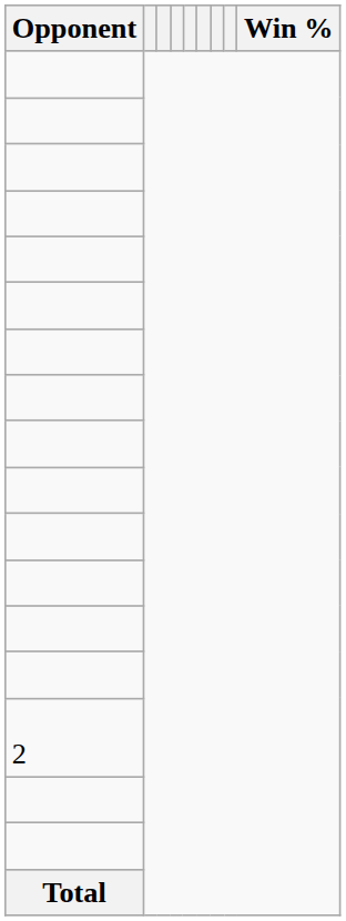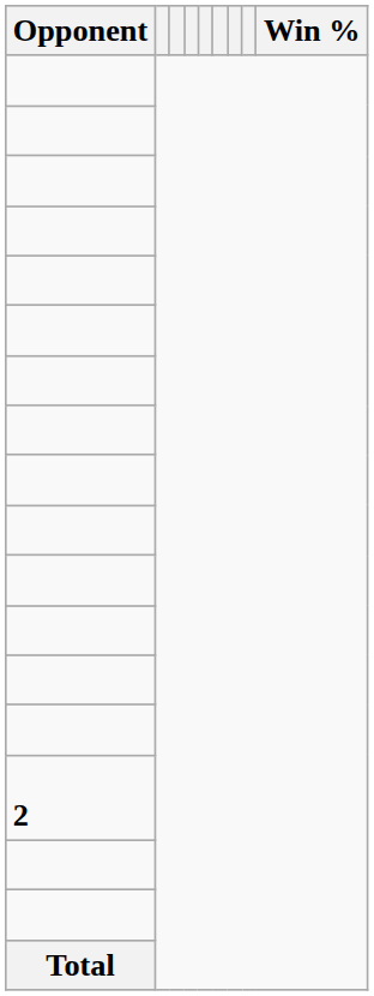 <table class="wikitable sortable collapsible collapsed" style="text-align: center;">
 <tr>
 <th>Opponent</th>
 <th></th>
 <th></th>
 <th></th>
 <th></th>
 <th></th>
 <th></th>
 <th></th>
 <th>Win %</th>
 </tr>
 <tr>
 <td align="left"><br></td>
 </tr>
 <tr>
 <td align="left"><br></td>
 </tr>
 <tr>
 <td align="left"><br></td>
 </tr>
 <tr>
 <td align="left"><br></td>
 </tr>
 <tr>
 <td align="left"><br></td>
 </tr>
 <tr>
 <td align="left"><br></td>
 </tr>
 <tr>
 <td align="left"><br></td>
 </tr>
 <tr>
 <td align="left"><br></td>
 </tr>
 <tr>
 <td align="left"><br></td>
 </tr>
 <tr>
 <td align="left"><br></td>
 </tr>
 <tr>
 <td align="left"><br></td>
 </tr>
 <tr>
 <td align="left"><br></td>
 </tr>
 <tr>
 <td align="left"><br></td>
 </tr>
 <tr>
 <td align="left"><br></td>
 </tr>
 <tr>
-<td align="left"><br>2</td>
+<td align="left"><strong><br>2</strong></td>
 </tr>
 <tr>
 <td align="left"><br></td>
 </tr>
 <tr>
 <td align="left"><br></td>
 </tr>
 <tr class="sortbottom">
 <th>Total<br></th>
 </tr>
 </table>
